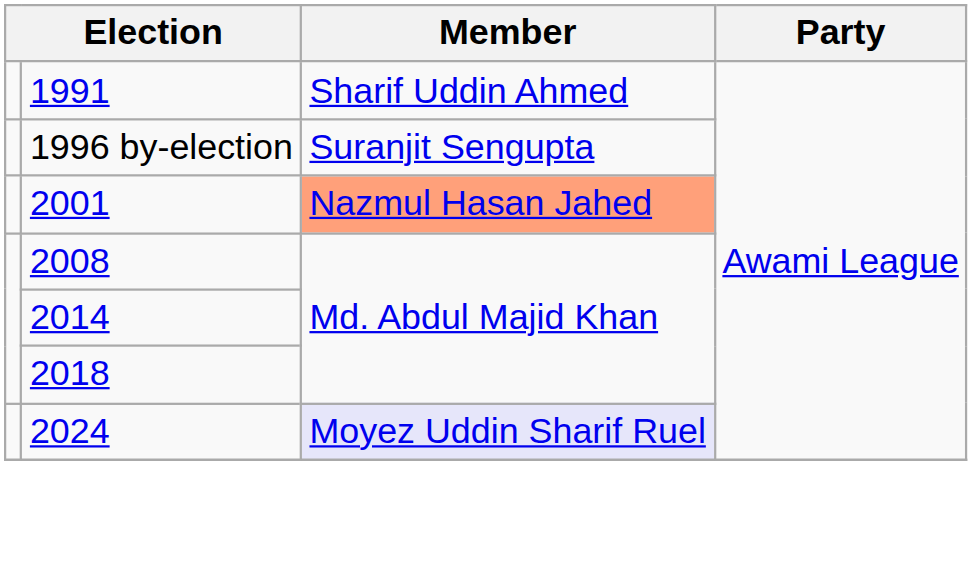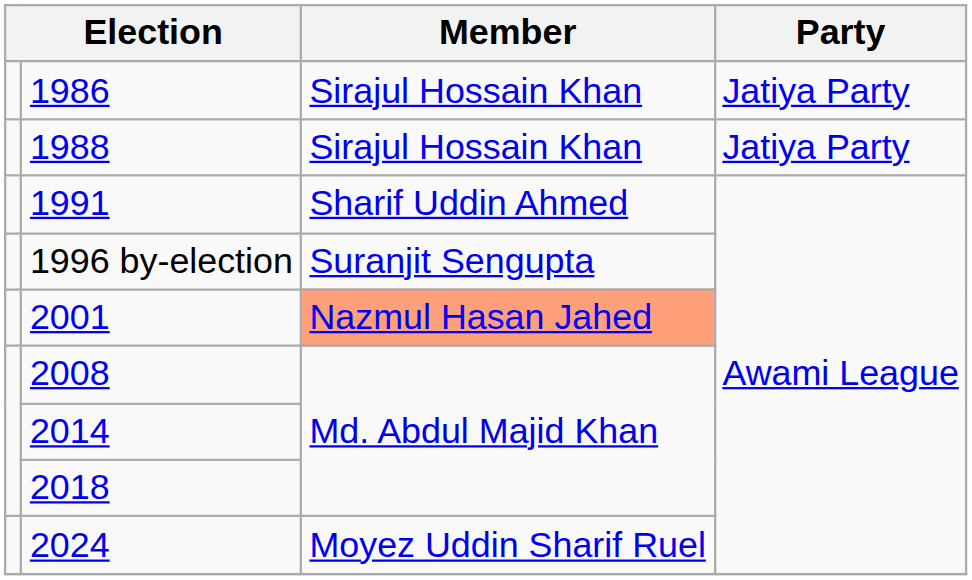 <table class="wikitable">
 <tr>
 <th colspan="2">Election</th>
 <th>Member</th>
 <th>Party</th>
+</tr>
+<tr>
+<td style="background-color:"></td>
+<td><a href='#'>1986</a></td>
+<td><a href='#'>Sirajul Hossain Khan</a></td>
+<td><a href='#'>Jatiya Party</a></td>
+</tr>
+<tr>
+<td style="background-color:"></td>
+<td><a href='#'>1988</a></td>
+<td><a href='#'>Sirajul Hossain Khan</a></td>
+<td><a href='#'>Jatiya Party</a></td>
 </tr>
 <tr>
 <td style="background-color:"></td>
 <td><a href='#'>1991</a></td>
 <td><a href='#'>Sharif Uddin Ahmed</a></td>
 <td rowspan="7"><a href='#'>Awami League</a></td>
 </tr>
 <tr>
 <td style="background-color:"></td>
 <td>1996 by-election</td>
 <td><a href='#'>Suranjit Sengupta</a></td>
 </tr>
 <tr>
 <td style="background-color:"></td>
 <td><a href='#'>2001</a></td>
 <td style="background: lightsalmon;"><a href='#'>Nazmul Hasan Jahed</a></td>
 </tr>
 <tr>
 <td rowspan="3" style="background-color:"></td>
 <td><a href='#'>2008</a></td>
 <td rowspan="3"><a href='#'>Md. Abdul Majid Khan</a></td>
 </tr>
 <tr>
 <td><a href='#'>2014</a></td>
 </tr>
 <tr>
 <td><a href='#'>2018</a></td>
 </tr>
 <tr>
 <td style="background-color:"></td>
 <td><a href='#'>2024</a></td>
-<td style="background: lavender;"><a href='#'>Moyez Uddin Sharif Ruel</a></td>
+<td><a href='#'>Moyez Uddin Sharif Ruel</a></td>
 </tr>
 <tr>
 </tr>
 </table>
